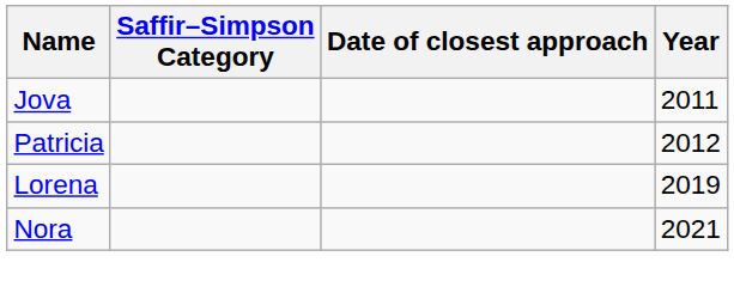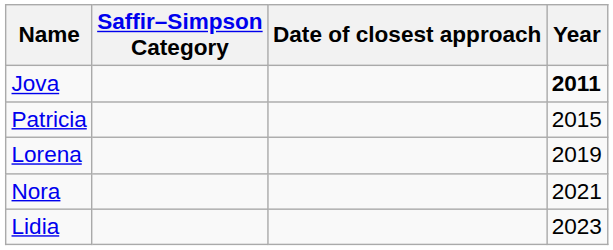 <table class = "wikitable" style="margin:1em auto;">
 <tr>
 <th>Name</th>
 <th><a href='#'>Saffir–Simpson</a><br>Category</th>
 <th>Date of closest approach</th>
 <th>Year</th>
 </tr>
 <tr>
 <td><a href='#'>Jova</a></td>
 <td></td>
 <td></td>
-<td>2011</td>
+<td><strong>2011</strong></td>
 </tr>
 <tr>
 <td><a href='#'>Patricia</a></td>
 <td></td>
 <td></td>
-<td>2012</td>
+<td>2015</td>
 </tr>
 <tr>
 <td><a href='#'>Lorena</a></td>
 <td></td>
 <td></td>
 <td>2019</td>
 </tr>
 <tr>
 <td><a href='#'>Nora</a></td>
 <td></td>
 <td></td>
 <td>2021</td>
 </tr>
+<tr>
+<td><a href='#'>Lidia</a></td>
+<td></td>
+<td></td>
+<td>2023</td>
+</tr>
 </table>
